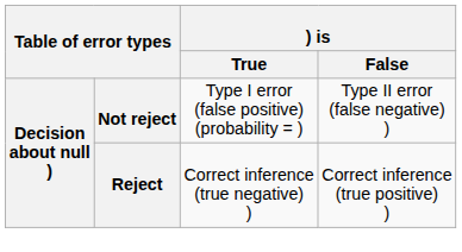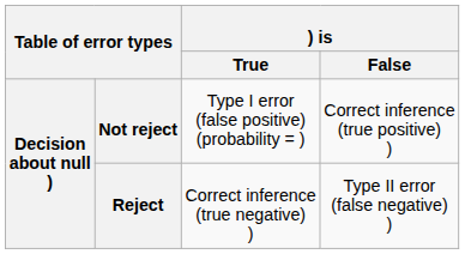 <table class="wikitable">
 <tr>
 <th rowspan="2" colspan="2">Table of error types</th>
 <th colspan="2"><br>) is</th>
 </tr>
 <tr>
 <th>True</th>
 <th>False</th>
 </tr>
 <tr>
 <th rowspan="2">Decision<br>about null<br>)</th>
 <th><br>Not reject</th>
 <td style="text-align:center;">Type I error <br>(false positive)<br>(probability = <em></em>)</td>
-<td style="text-align:center;">Type II error <br>(false negative)<br>)</td>
+<td style="text-align:center;"><br>Correct inference <br>(true positive)<br>)</td>
 </tr>
 <tr>
 <th>Reject</th>
 <td style="text-align:center;"><br>Correct inference<br>(true negative)<br>)</td>
-<td style="text-align:center;"><br>Correct inference <br>(true positive)<br>)</td>
+<td style="text-align:center;">Type II error <br>(false negative)<br>)</td>
 </tr>
 </table>
